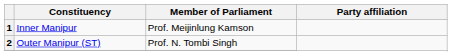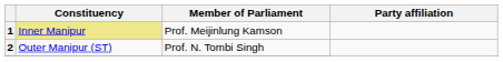 <table class="wikitable sortable">
 <tr style="text-align:center;">
 <th></th>
 <th style="width:13em">Constituency</th>
 <th style="width:15em">Member of Parliament</th>
 <th colspan="2" style="width:15em">Party affiliation</th>
 </tr>
 <tr>
 <th>1</th>
-<td><a href='#'>Inner Manipur</a></td>
+<td style="background: khaki;"><a href='#'>Inner Manipur</a></td>
 <td>Prof. Meijinlung Kamson</td>
 <td></td>
 </tr>
 <tr>
 <th>2</th>
 <td><a href='#'>Outer Manipur (ST)</a></td>
 <td>Prof. N. Tombi Singh</td>
 </tr>
 <tr>
 </tr>
 </table>
